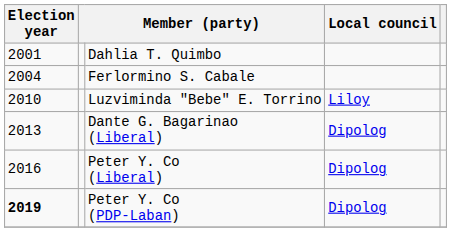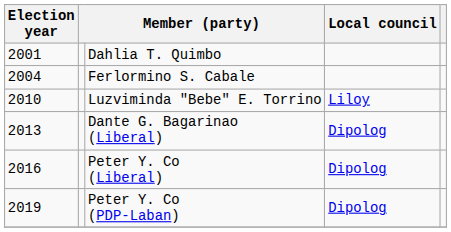 <table class="wikitable">
 <tr>
 <th width="60px">Election<br>year</th>
 <th colspan="2" width="140px">Member (party)</th>
 <th !>Local council</th>
 <th !></th>
 </tr>
 <tr>
 <td>2001</td>
 <td></td>
 <td>Dahlia T. Quimbo</td>
 <td></td>
 <td></td>
 </tr>
 <tr>
 <td>2004</td>
 <td></td>
 <td>Ferlormino S. Cabale</td>
 <td></td>
 <td></td>
 </tr>
 <tr>
 <td>2010</td>
 <td></td>
 <td>Luzviminda "Bebe" E. Torrino</td>
 <td><a href='#'>Liloy</a></td>
 <td></td>
 </tr>
 <tr>
 <td>2013</td>
 <td bgcolor=></td>
 <td>Dante G. Bagarinao<br>(<a href='#'>Liberal</a>)</td>
 <td><a href='#'>Dipolog</a></td>
 <td></td>
 </tr>
 <tr>
 <td>2016</td>
 <td bgcolor=></td>
 <td>Peter Y. Co<br>(<a href='#'>Liberal</a>)</td>
 <td><a href='#'>Dipolog</a></td>
 <td></td>
 </tr>
 <tr>
-<td><strong>2019</strong></td>
+<td>2019</td>
 <td bgcolor=></td>
 <td>Peter Y. Co<br>(<a href='#'>PDP-Laban</a>)</td>
 <td><a href='#'>Dipolog</a></td>
 <td></td>
 </tr>
 <tr>
 </tr>
 </table>
